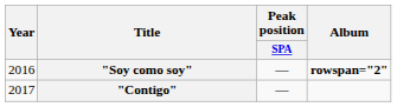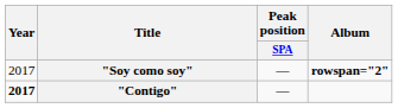 <table class="wikitable plainrowheaders" style="text-align:center;">
 <tr>
 <th scope="col" rowspan="2" style="width:1em;">Year</th>
 <th scope="col" rowspan="2" style="width:16em;">Title</th>
 <th scope="col">Peak position</th>
 <th scope="col" rowspan="2">Album</th>
 </tr>
 <tr>
 <th scope="col" style="width:3em;font-size:85%;"><a href='#'>SPA</a></th>
 </tr>
 <tr>
-<td>2016</td>
+<td>2017</td>
 <th scope="row">"Soy como soy"</th>
 <td>—</td>
 <td><strong>rowspan="2" </strong></td>
 </tr>
 <tr>
-<td>2017</td>
+<td><strong>2017</strong></td>
 <th scope="row">"Contigo"</th>
 <td>—</td>
 </tr>
 </table>
